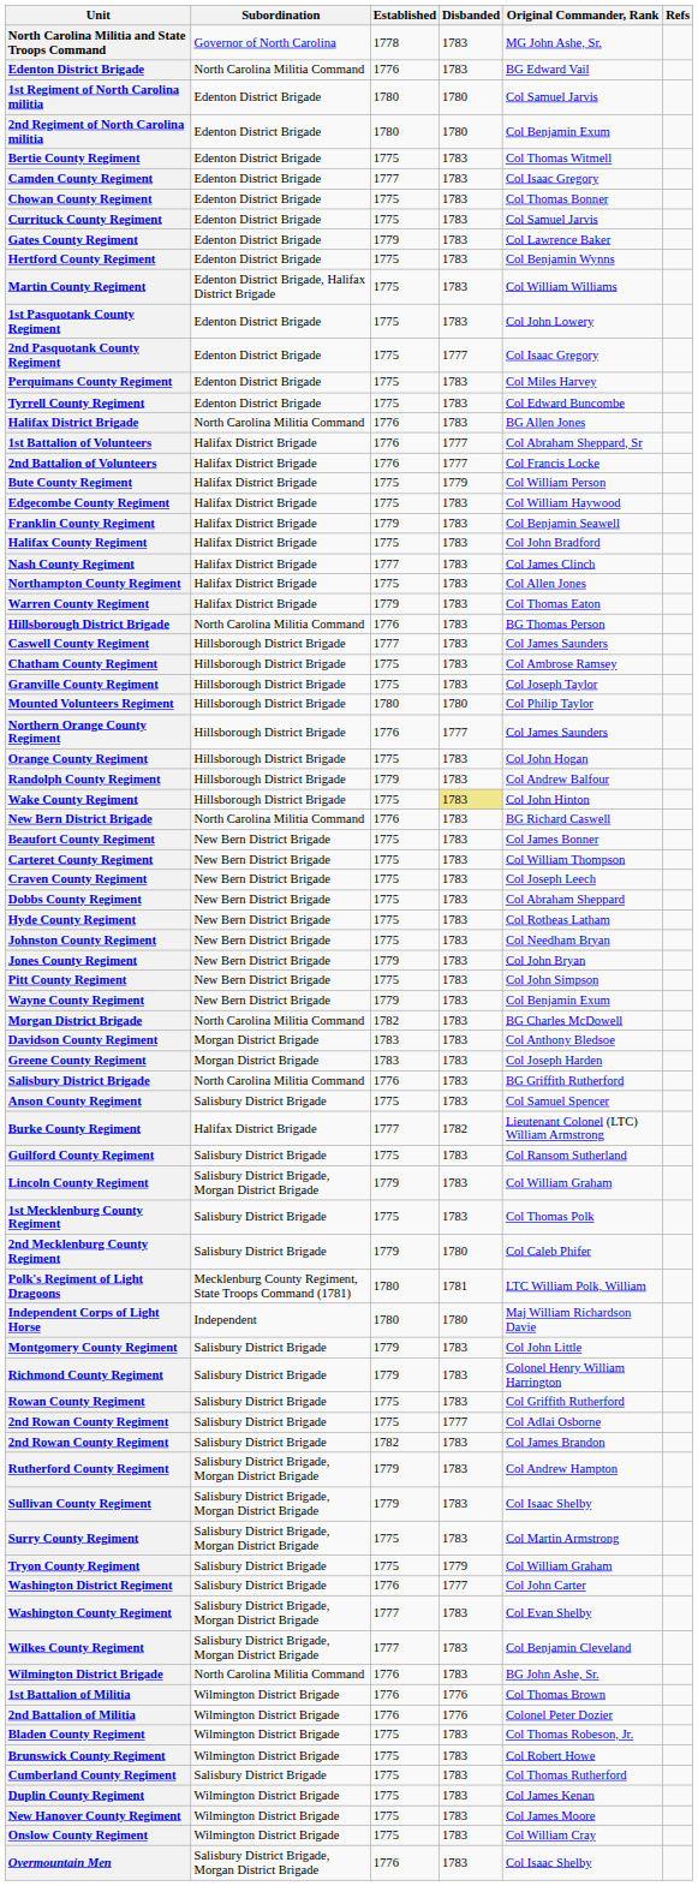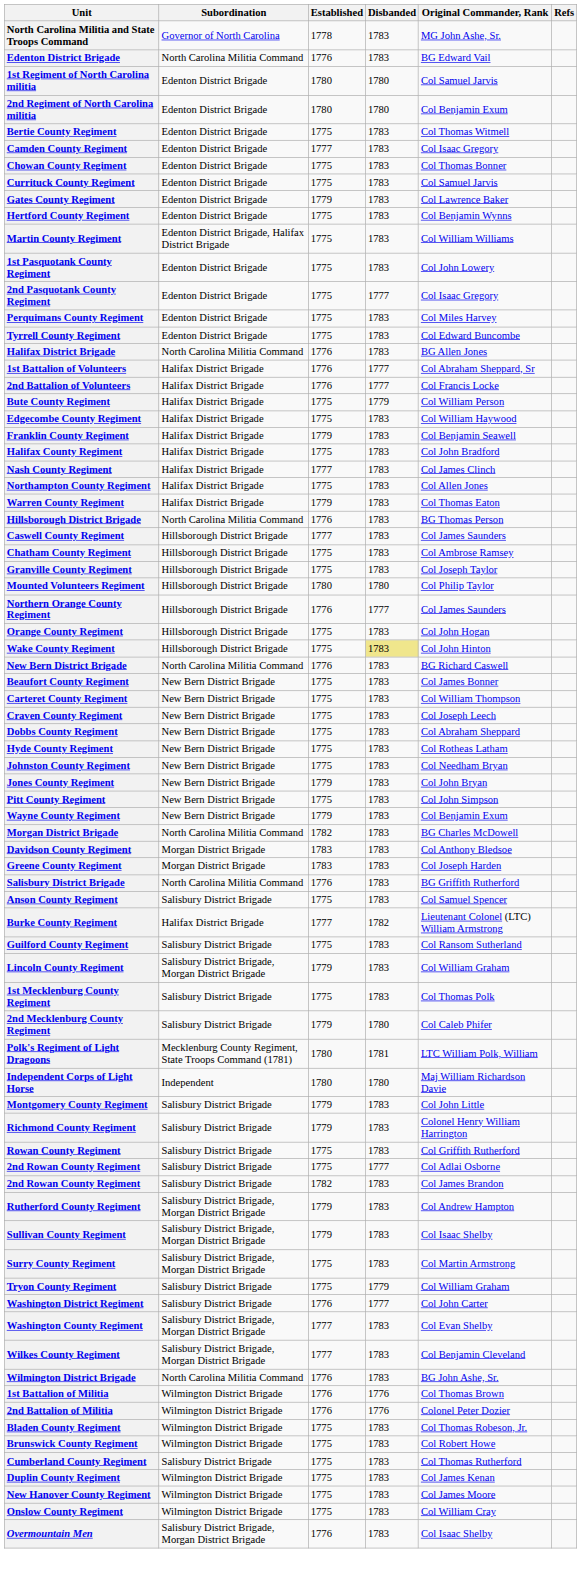 <table class="wikitable sortable plainrowheaders" summary="Militia units, showing unit, subordination, established, disbanded, original commander, and references">
 <tr>
 <th scope="col">Unit</th>
 <th scope="col">Subordination</th>
 <th scope="col">Established</th>
 <th scope="col">Disbanded</th>
 <th scope="col">Original Commander, Rank</th>
 <th scope="col" class="unsortable">Refs</th>
 </tr>
 <tr>
 <th scope="row" style="text-align: left;">North Carolina Militia and State Troops Command</th>
 <td><a href='#'>Governor of North Carolina</a></td>
 <td>1778</td>
 <td>1783</td>
 <td data-sort-value="Ashe, John"><a href='#'>MG John Ashe, Sr.</a></td>
 <td align=center></td>
 </tr>
 <tr>
 <th scope="row" style="text-align: left;"><a href='#'>Edenton District Brigade</a></th>
 <td>North Carolina Militia Command</td>
 <td>1776</td>
 <td>1783</td>
 <td data-sort-value="Vail, Edward"><a href='#'>BG Edward Vail</a></td>
 <td align=center></td>
 </tr>
 <tr>
 <th scope="row" style="text-align: left;"><a href='#'>1st Regiment of North Carolina militia</a></th>
 <td>Edenton District Brigade</td>
 <td>1780</td>
 <td>1780</td>
 <td data-sort-value="Jarvis, Samuel"><a href='#'>Col Samuel Jarvis</a></td>
 <td align=center></td>
 </tr>
 <tr>
 <th scope="row" style="text-align: left;"><a href='#'>2nd Regiment of North Carolina militia</a></th>
 <td>Edenton District Brigade</td>
 <td>1780</td>
 <td>1780</td>
 <td data-sort-value="Exum, Benjamin"><a href='#'>Col Benjamin Exum</a></td>
 <td align=center></td>
 </tr>
 <tr>
 <th scope="row" style="text-align: left;"><a href='#'>Bertie County Regiment</a></th>
 <td>Edenton District Brigade</td>
 <td>1775</td>
 <td>1783</td>
 <td data-sort-value="Whitmell, Thomas"><a href='#'>Col Thomas Witmell</a></td>
 <td align=center></td>
 </tr>
 <tr>
 <th scope="row" style="text-align: left;"><a href='#'>Camden County Regiment</a></th>
 <td>Edenton District Brigade</td>
 <td>1777</td>
 <td>1783</td>
 <td data-sort-value="Gregory, Isaac"><a href='#'>Col Isaac Gregory</a></td>
 <td align=center></td>
 </tr>
 <tr>
 <th scope="row" style="text-align: left;"><a href='#'>Chowan County Regiment</a></th>
 <td>Edenton District Brigade</td>
 <td>1775</td>
 <td>1783</td>
 <td data-sort-value="Bonner, Thomas"><a href='#'>Col Thomas Bonner</a></td>
 <td align=center></td>
 </tr>
 <tr>
 <th scope="row" style="text-align: left;"><a href='#'>Currituck County Regiment</a></th>
 <td>Edenton District Brigade</td>
 <td>1775</td>
 <td>1783</td>
 <td data-sort-value="Jarvis, Samuel"><a href='#'>Col Samuel Jarvis</a></td>
 <td align=center></td>
 </tr>
 <tr>
 <th scope="row" style="text-align: left;"><a href='#'>Gates County Regiment</a></th>
 <td>Edenton District Brigade</td>
 <td>1779</td>
 <td>1783</td>
 <td data-sort-value="Baker, Lawrence"><a href='#'>Col Lawrence Baker</a></td>
 <td align=center></td>
 </tr>
 <tr>
 <th scope="row" style="text-align: left;"><a href='#'>Hertford County Regiment</a></th>
 <td>Edenton District Brigade</td>
 <td>1775</td>
 <td>1783</td>
 <td data-sort-value="Wynns, Benjamin"><a href='#'>Col Benjamin Wynns</a></td>
 <td align=center></td>
 </tr>
 <tr>
 <th scope="row" style="text-align: left;"><a href='#'>Martin County Regiment</a></th>
 <td>Edenton District Brigade, Halifax District Brigade</td>
 <td>1775</td>
 <td>1783</td>
 <td data-sort-value="Williams, William"><a href='#'>Col William Williams</a></td>
 <td align=center></td>
 </tr>
 <tr>
 <th scope="row" style="text-align: left;"><a href='#'>1st Pasquotank County Regiment</a></th>
 <td>Edenton District Brigade</td>
 <td>1775</td>
 <td>1783</td>
 <td data-sort-value="Lowery, John"><a href='#'>Col John Lowery</a></td>
 <td align=center></td>
 </tr>
 <tr>
 <th scope="row" style="text-align: left;"><a href='#'>2nd Pasquotank County Regiment</a></th>
 <td>Edenton District Brigade</td>
 <td>1775</td>
 <td>1777</td>
 <td data-sort-value="Gregory, Isaac"><a href='#'>Col Isaac Gregory</a></td>
 <td align=center></td>
 </tr>
 <tr>
 <th scope="row" style="text-align: left;"><a href='#'>Perquimans County Regiment</a></th>
 <td>Edenton District Brigade</td>
 <td>1775</td>
 <td>1783</td>
 <td data-sort-value="Harvey, Miles"><a href='#'>Col Miles Harvey</a></td>
 <td align=center></td>
 </tr>
 <tr>
 <th scope="row" style="text-align: left;"><a href='#'>Tyrrell County Regiment</a></th>
 <td>Edenton District Brigade</td>
 <td>1775</td>
 <td>1783</td>
 <td data-sort-value="Buncombe, Edward"><a href='#'>Col Edward Buncombe</a></td>
 <td align=center></td>
 </tr>
 <tr>
 <th scope="row" style="text-align: left;"><a href='#'>Halifax District Brigade</a></th>
 <td>North Carolina Militia Command</td>
 <td>1776</td>
 <td>1783</td>
 <td data-sort-value="Jones, Allen"><a href='#'>BG Allen Jones</a></td>
 <td align=center></td>
 </tr>
 <tr>
 <th scope="row" style="text-align: left;"><a href='#'>1st Battalion of Volunteers</a></th>
 <td>Halifax District Brigade</td>
 <td>1776</td>
 <td>1777</td>
 <td data-sort-value="Sheppard, Abraham"><a href='#'>Col Abraham Sheppard, Sr</a></td>
 <td align=center></td>
 </tr>
 <tr>
 <th scope="row" style="text-align: left;"><a href='#'>2nd Battalion of Volunteers</a></th>
 <td>Halifax District Brigade</td>
 <td>1776</td>
 <td>1777</td>
 <td data-sort-value="Locke, Francis"><a href='#'>Col Francis Locke</a></td>
 <td align=center></td>
 </tr>
 <tr>
 <th scope="row" style="text-align: left;"><a href='#'>Bute County Regiment</a></th>
 <td>Halifax District Brigade</td>
 <td>1775</td>
 <td>1779</td>
 <td data-sort-value="Person, William"><a href='#'>Col William Person</a></td>
 <td align=center></td>
 </tr>
 <tr>
 <th scope="row" style="text-align: left;"><a href='#'>Edgecombe County Regiment</a></th>
 <td>Halifax District Brigade</td>
 <td>1775</td>
 <td>1783</td>
 <td data-sort-value="Haywood, William"><a href='#'>Col William Haywood</a></td>
 <td align=center></td>
 </tr>
 <tr>
 <th scope="row" style="text-align: left;"><a href='#'>Franklin County Regiment</a></th>
 <td>Halifax District Brigade</td>
 <td>1779</td>
 <td>1783</td>
 <td data-sort-value="Seawell, Benjamin"><a href='#'>Col Benjamin Seawell</a></td>
 <td align=center></td>
 </tr>
 <tr>
 <th scope="row" style="text-align: left;"><a href='#'>Halifax County Regiment</a></th>
 <td>Halifax District Brigade</td>
 <td>1775</td>
 <td>1783</td>
 <td data-sort-value="Bradford, John"><a href='#'>Col John Bradford</a></td>
 <td align=center></td>
 </tr>
 <tr>
 <th scope="row" style="text-align: left;"><a href='#'>Nash County Regiment</a></th>
 <td>Halifax District Brigade</td>
 <td>1777</td>
 <td>1783</td>
 <td data-sort-value="Clinch, James"><a href='#'>Col James Clinch</a></td>
 <td align=center></td>
 </tr>
 <tr>
 <th scope="row" style="text-align: left;"><a href='#'>Northampton County Regiment</a></th>
 <td>Halifax District Brigade</td>
 <td>1775</td>
 <td>1783</td>
 <td data-sort-value="Jones, Allen"><a href='#'>Col Allen Jones</a></td>
 <td align=center></td>
 </tr>
 <tr>
 <th scope="row" style="text-align: left;"><a href='#'>Warren County Regiment</a></th>
 <td>Halifax District Brigade</td>
 <td>1779</td>
 <td>1783</td>
 <td data-sort-value="Eaton, Thomas"><a href='#'>Col Thomas Eaton</a></td>
 <td align=center></td>
 </tr>
 <tr>
 <th scope="row" style="text-align: left;"><a href='#'>Hillsborough District Brigade</a></th>
 <td>North Carolina Militia Command</td>
 <td>1776</td>
 <td>1783</td>
 <td data-sort-value="Person, Thomas"><a href='#'>BG Thomas Person</a></td>
 <td align=center></td>
 </tr>
 <tr>
 <th scope="row" style="text-align: left;"><a href='#'>Caswell County Regiment</a></th>
 <td>Hillsborough District Brigade</td>
 <td>1777</td>
 <td>1783</td>
 <td data-sort-value="Saunders, James"><a href='#'>Col James Saunders</a></td>
 <td align=center></td>
 </tr>
 <tr>
 <th scope="row" style="text-align: left;"><a href='#'>Chatham County Regiment</a></th>
 <td>Hillsborough District Brigade</td>
 <td>1775</td>
 <td>1783</td>
 <td data-sort-value="Ramsey, Ambrose"><a href='#'>Col Ambrose Ramsey</a></td>
 <td align=center></td>
 </tr>
 <tr>
 <th scope="row" style="text-align: left;"><a href='#'>Granville County Regiment</a></th>
 <td>Hillsborough District Brigade</td>
 <td>1775</td>
 <td>1783</td>
 <td data-sort-value="Taylor, Joseph"><a href='#'>Col Joseph Taylor</a></td>
 <td align=center></td>
 </tr>
 <tr>
 <th scope="row" style="text-align: left;"><a href='#'>Mounted Volunteers Regiment</a></th>
 <td>Hillsborough District Brigade</td>
 <td>1780</td>
 <td>1780</td>
 <td data-sort-value="Taylor, Philip"><a href='#'>Col Philip Taylor</a></td>
 <td align=center></td>
 </tr>
 <tr>
 <th scope="row" style="text-align: left;"><a href='#'>Northern Orange County Regiment</a></th>
 <td>Hillsborough District Brigade</td>
 <td>1776</td>
 <td>1777</td>
 <td data-sort-value="Saunders, James"><a href='#'>Col James Saunders</a></td>
 <td align=center></td>
 </tr>
 <tr>
 <th scope="row" style="text-align: left;"><a href='#'>Orange County Regiment</a></th>
 <td>Hillsborough District Brigade</td>
 <td>1775</td>
 <td>1783</td>
 <td data-sort-value="Hogan, John"><a href='#'>Col John Hogan</a></td>
-<td align=center></td>
-</tr>
-<tr>
-<th scope="row" style="text-align: left;"><a href='#'>Randolph County Regiment</a></th>
-<td>Hillsborough District Brigade</td>
-<td>1779</td>
-<td>1783</td>
-<td data-sort-value="Balfour, Andrew"><a href='#'>Col Andrew Balfour</a></td>
 <td align=center></td>
 </tr>
 <tr>
 <th scope="row" style="text-align: left;"><a href='#'>Wake County Regiment</a></th>
 <td>Hillsborough District Brigade</td>
 <td>1775</td>
 <td style="background: khaki;">1783</td>
 <td data-sort-value="Hinton, John"><a href='#'>Col John Hinton</a></td>
 <td align=center></td>
 </tr>
 <tr>
 <th scope="row" style="text-align: left;"><a href='#'>New Bern District Brigade</a></th>
 <td>North Carolina Militia Command</td>
 <td>1776</td>
 <td>1783</td>
 <td data-sort-value="Caswell, Richard"><a href='#'>BG Richard Caswell</a></td>
 <td align=center></td>
 </tr>
 <tr>
 <th scope="row" style="text-align: left;"><a href='#'>Beaufort County Regiment</a></th>
 <td>New Bern District Brigade</td>
 <td>1775</td>
 <td>1783</td>
 <td data-sort-value="Bonner, James"><a href='#'>Col James Bonner</a></td>
 <td align=center></td>
 </tr>
 <tr>
 <th scope="row" style="text-align: left;"><a href='#'>Carteret County Regiment</a></th>
 <td>New Bern District Brigade</td>
 <td>1775</td>
 <td>1783</td>
 <td data-sort-value="Thompson, William"><a href='#'>Col William Thompson</a></td>
 <td align=center></td>
 </tr>
 <tr>
 <th scope="row" style="text-align: left;"><a href='#'>Craven County Regiment</a></th>
 <td>New Bern District Brigade</td>
 <td>1775</td>
 <td>1783</td>
 <td data-sort-value="Leech, Joseph"><a href='#'>Col Joseph Leech</a></td>
 <td align=center></td>
 </tr>
 <tr>
 <th scope="row" style="text-align: left;"><a href='#'>Dobbs County Regiment</a></th>
 <td>New Bern District Brigade</td>
 <td>1775</td>
 <td>1783</td>
 <td data-sort-value="Sheppard, Abraham"><a href='#'>Col Abraham Sheppard</a></td>
 <td align=center></td>
 </tr>
 <tr>
 <th scope="row" style="text-align: left;"><a href='#'>Hyde County Regiment</a></th>
 <td>New Bern District Brigade</td>
 <td>1775</td>
 <td>1783</td>
 <td data-sort-value="Latham, Rotheas"><a href='#'>Col Rotheas Latham</a></td>
 <td align=center></td>
 </tr>
 <tr>
 <th scope="row" style="text-align: left;"><a href='#'>Johnston County Regiment</a></th>
 <td>New Bern District Brigade</td>
 <td>1775</td>
 <td>1783</td>
 <td data-sort-value="Bryan, Needham"><a href='#'>Col Needham Bryan</a></td>
 <td align=center></td>
 </tr>
 <tr>
 <th scope="row" style="text-align: left;"><a href='#'>Jones County Regiment</a></th>
 <td>New Bern District Brigade</td>
 <td>1779</td>
 <td>1783</td>
 <td data-sort-value="Bryan, john"><a href='#'>Col John Bryan</a></td>
 <td align=center></td>
 </tr>
 <tr>
 <th scope="row" style="text-align: left;"><a href='#'>Pitt County Regiment</a></th>
 <td>New Bern District Brigade</td>
 <td>1775</td>
 <td>1783</td>
 <td data-sort-value="Simpson, John"><a href='#'>Col John Simpson</a></td>
 <td align=center></td>
 </tr>
 <tr>
 <th scope="row" style="text-align: left;"><a href='#'>Wayne County Regiment</a></th>
 <td>New Bern District Brigade</td>
 <td>1779</td>
 <td>1783</td>
 <td data-sort-value="Exum, Benjamin"><a href='#'>Col Benjamin Exum</a></td>
 <td align=center></td>
 </tr>
 <tr>
 <th scope="row" style="text-align: left;"><a href='#'>Morgan District Brigade</a></th>
 <td>North Carolina Militia Command</td>
 <td>1782</td>
 <td>1783</td>
 <td data-sort-value="McDowell, Charles"><a href='#'>BG Charles McDowell</a></td>
 <td align=center></td>
 </tr>
 <tr>
 <th scope="row" style="text-align: left;"><a href='#'>Davidson County Regiment</a></th>
 <td>Morgan District Brigade</td>
 <td>1783</td>
 <td>1783</td>
 <td data-sort-value="Bledsoe, Anthony"><a href='#'>Col Anthony Bledsoe</a></td>
 <td align=center></td>
 </tr>
 <tr>
 <th scope="row" style="text-align: left;"><a href='#'>Greene County Regiment</a></th>
 <td>Morgan District Brigade</td>
 <td>1783</td>
 <td>1783</td>
 <td data-sort-value="Hardin, Joseph"><a href='#'>Col Joseph Harden</a></td>
 <td align=center></td>
 </tr>
 <tr>
 <th scope="row" style="text-align: left;"><a href='#'>Salisbury District Brigade</a></th>
 <td>North Carolina Militia Command</td>
 <td>1776</td>
 <td>1783</td>
 <td data-sort-value="Rutherford, Griffith"><a href='#'>BG Griffith Rutherford</a></td>
 <td align=center></td>
 </tr>
 <tr>
 <th scope="row" style="text-align: left;"><a href='#'>Anson County Regiment</a></th>
 <td>Salisbury District Brigade</td>
 <td>1775</td>
 <td>1783</td>
 <td data-sort-value="Spencer, Samuel"><a href='#'>Col Samuel Spencer</a></td>
 <td align=center></td>
 </tr>
 <tr>
 <th scope="row" style="text-align: left;"><a href='#'>Burke County Regiment</a></th>
 <td>Halifax District Brigade</td>
 <td>1777</td>
 <td>1782</td>
 <td data-sort-value="Armstrong, William"><a href='#'>Lieutenant Colonel</a> (LTC) <a href='#'>William Armstrong</a></td>
 <td align=center></td>
 </tr>
 <tr>
 <th scope="row" style="text-align: left;"><a href='#'>Guilford County Regiment</a></th>
 <td>Salisbury District Brigade</td>
 <td>1775</td>
 <td>1783</td>
 <td data-sort-value="Sutherland, Ransom"><a href='#'>Col Ransom Sutherland</a></td>
 <td align=center></td>
 </tr>
 <tr>
 <th scope="row" style="text-align: left;"><a href='#'>Lincoln County Regiment</a></th>
 <td>Salisbury District Brigade, Morgan District Brigade</td>
 <td>1779</td>
 <td>1783</td>
 <td data-sort-value="Graham, William"><a href='#'>Col William Graham</a></td>
 <td align=center></td>
 </tr>
 <tr>
 <th scope="row" style="text-align: left;"><a href='#'>1st Mecklenburg County Regiment</a></th>
 <td>Salisbury District Brigade</td>
 <td>1775</td>
 <td>1783</td>
 <td data-sort-value="Polk, Thomas"><a href='#'>Col Thomas Polk</a></td>
 <td align=center></td>
 </tr>
 <tr>
 <th scope="row" style="text-align: left;"><a href='#'>2nd Mecklenburg County Regiment</a></th>
 <td>Salisbury District Brigade</td>
 <td>1779</td>
 <td>1780</td>
 <td data-sort-value="Phifer, Caleb"><a href='#'>Col Caleb Phifer</a></td>
 <td align=center></td>
 </tr>
 <tr>
 <th scope="row" style="text-align: left;"><a href='#'>Polk's Regiment of Light Dragoons</a></th>
 <td>Mecklenburg County Regiment,<br>State Troops Command (1781)</td>
 <td>1780</td>
 <td>1781</td>
 <td data-sort-value="Polk, William"><a href='#'>LTC William Polk, William</a></td>
 <td align=center></td>
 </tr>
 <tr>
 <th scope="row" style="text-align: left;"><a href='#'>Independent Corps of Light Horse</a></th>
 <td>Independent</td>
 <td>1780</td>
 <td>1780</td>
 <td data-sort-value="Davie, William Richardson"><a href='#'>Maj William Richardson Davie</a></td>
 <td align=center></td>
 </tr>
 <tr>
 <th scope="row" style="text-align: left;"><a href='#'>Montgomery County Regiment</a></th>
 <td>Salisbury District Brigade</td>
 <td>1779</td>
 <td>1783</td>
 <td data-sort-value="Little, John"><a href='#'>Col John Little</a></td>
 <td align=center></td>
 </tr>
 <tr>
 <th scope="row" style="text-align: left;"><a href='#'>Richmond County Regiment</a></th>
 <td>Salisbury District Brigade</td>
 <td>1779</td>
 <td>1783</td>
 <td data-sort-value="Harrington, Henry William"><a href='#'>Colonel Henry William Harrington</a></td>
 <td align=center></td>
 </tr>
 <tr>
 <th scope="row" style="text-align: left;"><a href='#'>Rowan County Regiment</a></th>
 <td>Salisbury District Brigade</td>
 <td>1775</td>
 <td>1783</td>
 <td data-sort-value="Rutherford, Griffith"><a href='#'>Col Griffith Rutherford</a></td>
 <td align=center></td>
 </tr>
 <tr>
 <th scope="row" style="text-align: left;"><a href='#'>2nd Rowan County Regiment</a></th>
 <td>Salisbury District Brigade</td>
 <td>1775</td>
 <td>1777</td>
 <td data-sort-value="Osborne, Adlai"><a href='#'>Col Adlai Osborne</a></td>
 <td align=center></td>
 </tr>
 <tr>
 <th scope="row" style="text-align: left;"><a href='#'>2nd Rowan County Regiment</a></th>
 <td>Salisbury District Brigade</td>
 <td>1782</td>
 <td>1783</td>
 <td data-sort-value="Brandon, James"><a href='#'>Col James Brandon</a></td>
 <td align=center></td>
 </tr>
 <tr>
 <th scope="row" style="text-align: left;"><a href='#'>Rutherford County Regiment</a></th>
 <td>Salisbury District Brigade, Morgan District Brigade</td>
 <td>1779</td>
 <td>1783</td>
 <td data-sort-value="Hampton, Andrew"><a href='#'>Col Andrew Hampton</a></td>
 <td align=center></td>
 </tr>
 <tr>
 <th scope="row" style="text-align: left;"><a href='#'>Sullivan County Regiment</a></th>
 <td>Salisbury District Brigade, Morgan District Brigade</td>
 <td>1779</td>
 <td>1783</td>
 <td data-sort-value="Shelby, Isaac"><a href='#'>Col Isaac Shelby</a></td>
 <td align=center></td>
 </tr>
 <tr>
 <th scope="row" style="text-align: left;"><a href='#'>Surry County Regiment</a></th>
 <td>Salisbury District Brigade, Morgan District Brigade</td>
 <td>1775</td>
 <td>1783</td>
 <td data-sort-value="Armstrong, Martin"><a href='#'>Col Martin Armstrong</a></td>
 <td align=center></td>
 </tr>
 <tr>
 <th scope="row" style="text-align: left;"><a href='#'>Tryon County Regiment</a></th>
 <td>Salisbury District Brigade</td>
 <td>1775</td>
 <td>1779</td>
 <td data-sort-value="Graham, William"><a href='#'>Col William Graham</a></td>
 <td align=center></td>
 </tr>
 <tr>
 <th scope="row" style="text-align: left;"><a href='#'>Washington District Regiment</a></th>
 <td>Salisbury District Brigade</td>
 <td>1776</td>
 <td>1777</td>
 <td data-sort-value="Carter, John"><a href='#'>Col John Carter</a></td>
 <td align=center></td>
 </tr>
 <tr>
 <th scope="row" style="text-align: left;"><a href='#'>Washington County Regiment</a></th>
 <td>Salisbury District Brigade, Morgan District Brigade</td>
 <td>1777</td>
 <td>1783</td>
 <td data-sort-value="Shelby, Evan"><a href='#'>Col Evan Shelby</a></td>
 <td align=center></td>
 </tr>
 <tr>
 <th scope="row" style="text-align: left;"><a href='#'>Wilkes County Regiment</a></th>
 <td>Salisbury District Brigade, Morgan District Brigade</td>
 <td>1777</td>
 <td>1783</td>
 <td data-sort-value="Cleveland, Benjamin"><a href='#'>Col Benjamin Cleveland</a></td>
 <td align=center></td>
 </tr>
 <tr>
 <th scope="row" style="text-align: left;"><a href='#'>Wilmington District Brigade</a></th>
 <td>North Carolina Militia Command</td>
 <td>1776</td>
 <td>1783</td>
 <td data-sort-value="Ashe, John"><a href='#'>BG John Ashe, Sr.</a></td>
 <td align=center></td>
 </tr>
 <tr>
 <th scope="row" style="text-align: left;"><a href='#'>1st Battalion of Militia</a></th>
 <td>Wilmington District Brigade</td>
 <td>1776</td>
 <td>1776</td>
 <td data-sort-value="Brown, Thomas"><a href='#'>Col Thomas Brown</a></td>
 <td align=center></td>
 </tr>
 <tr>
 <th scope="row" style="text-align: left;"><a href='#'>2nd Battalion of Militia</a></th>
 <td>Wilmington District Brigade</td>
 <td>1776</td>
 <td>1776</td>
 <td data-sort-value="Dozier, Peter"><a href='#'>Colonel Peter Dozier</a></td>
 <td align=center></td>
 </tr>
 <tr>
 <th scope="row" style="text-align: left;"><a href='#'>Bladen County Regiment</a></th>
 <td>Wilmington District Brigade</td>
 <td>1775</td>
 <td>1783</td>
 <td data-sort-value="Robeson, Thomas"><a href='#'>Col Thomas Robeson, Jr.</a></td>
 <td align=center></td>
 </tr>
 <tr>
 <th scope="row" style="text-align: left;"><a href='#'>Brunswick County Regiment</a></th>
 <td>Wilmington District Brigade</td>
 <td>1775</td>
 <td>1783</td>
 <td data-sort-value="Howe, Robert"><a href='#'>Col Robert Howe</a></td>
 <td align=center></td>
 </tr>
 <tr>
 <th scope="row" style="text-align: left;"><a href='#'>Cumberland County Regiment</a></th>
 <td>Salisbury District Brigade</td>
 <td>1775</td>
 <td>1783</td>
 <td data-sort-value="Rutherford, Thomas"><a href='#'>Col Thomas Rutherford</a></td>
 <td align=center></td>
 </tr>
 <tr>
 <th scope="row" style="text-align: left;"><a href='#'>Duplin County Regiment</a></th>
 <td>Wilmington District Brigade</td>
 <td>1775</td>
 <td>1783</td>
 <td data-sort-value="Kenan, James"><a href='#'>Col James Kenan</a></td>
 <td align=center></td>
 </tr>
 <tr>
 <th scope="row" style="text-align: left;"><a href='#'>New Hanover County Regiment</a></th>
 <td>Wilmington District Brigade</td>
 <td>1775</td>
 <td>1783</td>
 <td data-sort-value="Moore, James"><a href='#'>Col James Moore</a></td>
 <td align=center></td>
 </tr>
 <tr>
 <th scope="row" style="text-align: left;"><a href='#'>Onslow County Regiment</a></th>
 <td>Wilmington District Brigade</td>
 <td>1775</td>
 <td>1783</td>
 <td data-sort-value="Cray, William"><a href='#'>Col William Cray</a></td>
 <td align=center></td>
 </tr>
 <tr>
 <th scope="row" style="text-align: left;"><em><a href='#'>Overmountain Men</a></em></th>
 <td>Salisbury District Brigade, Morgan District Brigade</td>
 <td>1776</td>
 <td>1783</td>
 <td data-sort-value="Shelby, Isaac"><a href='#'>Col Isaac Shelby</a></td>
 <td align=center></td>
 </tr>
 </table>
